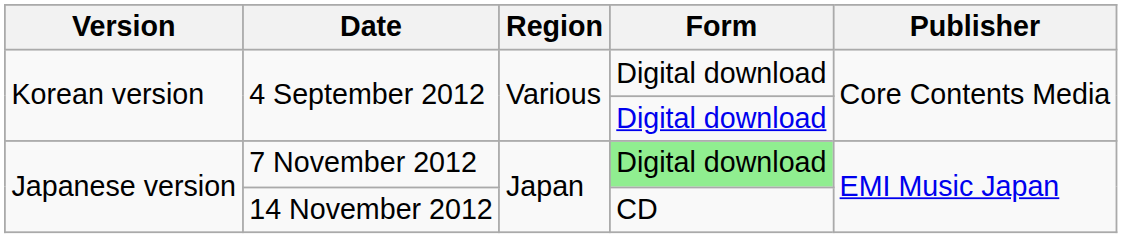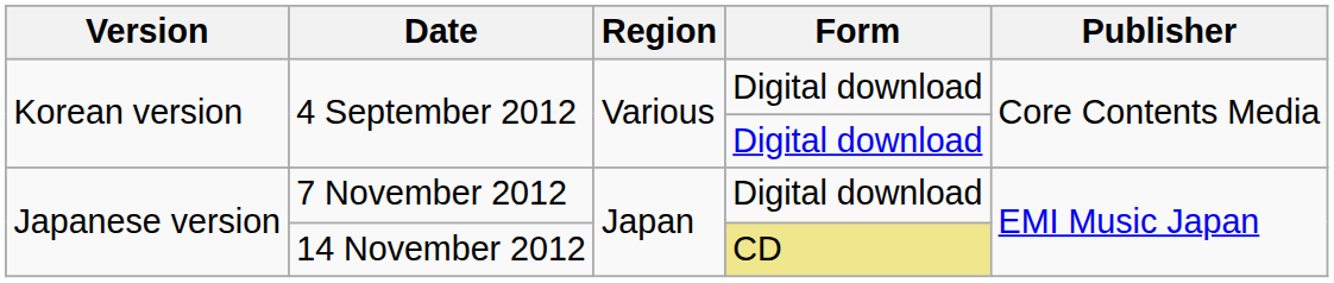 <table class="wikitable">
 <tr>
 <th>Version</th>
 <th>Date</th>
 <th>Region</th>
 <th>Form</th>
 <th>Publisher</th>
 </tr>
 <tr>
 <td rowspan="2">Korean version</td>
 <td rowspan="2">4 September 2012</td>
 <td rowspan="2">Various</td>
 <td>Digital download</td>
 <td rowspan="2">Core Contents Media</td>
 </tr>
 <tr>
 <td><a href='#'>Digital download</a></td>
 </tr>
 <tr>
 <td rowspan="2">Japanese version</td>
 <td>7 November 2012</td>
 <td rowspan="2">Japan</td>
-<td style="background: lightgreen;">Digital download</td>
+<td>Digital download</td>
 <td rowspan="2"><a href='#'>EMI Music Japan</a></td>
 </tr>
 <tr>
 <td>14 November 2012</td>
-<td>CD</td>
+<td style="background: khaki;">CD</td>
 </tr>
 </table>
